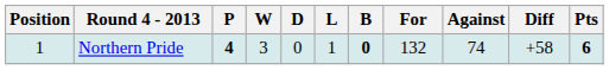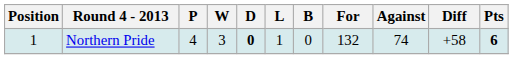 <table class="wikitable" style="text-align:center; font-size:85%;">
 <tr>
 <th width=40 abbr="Position">Position</th>
 <th width=100>Round 4 - 2013</th>
 <th width=20 abbr="Played">P</th>
 <th width=20 abbr="Won">W</th>
 <th width=20 abbr="Drawn">D</th>
 <th width=20 abbr="Lost">L</th>
 <th width=20 abbr="Bye">B</th>
 <th width=40 abbr="Points for">For</th>
 <th width=40 abbr="Points against">Against</th>
 <th width=40 abbr="Points difference">Diff</th>
 <th width=20 abbr="Points">Pts</th>
 </tr>
 <tr style="background: #d7ebed;">
 <td>1</td>
 <td style="text-align:left;"> <a href='#'>Northern Pride</a></td>
-<td><strong>4</strong></td>
+<td>4</td>
 <td>3</td>
+<td><strong>0</strong></td>
+<td>1</td>
 <td>0</td>
-<td>1</td>
-<td><strong>0</strong></td>
 <td>132</td>
 <td>74</td>
 <td>+58</td>
 <td><strong>6</strong></td>
 </tr>
 <tr>
 </tr>
 </table>
